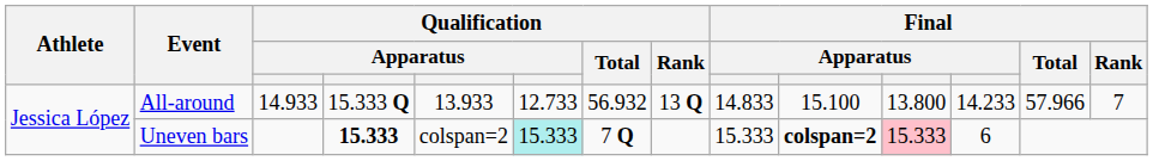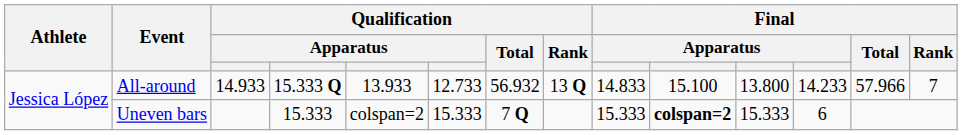 <table class="wikitable" style="font-size:90%">
 <tr>
 <th rowspan=3>Athlete</th>
 <th rowspan=3>Event</th>
 <th colspan=6>Qualification</th>
 <th colspan=6>Final</th>
 </tr>
 <tr style="font-size:95%">
 <th colspan=4>Apparatus</th>
 <th rowspan=2>Total</th>
 <th rowspan=2>Rank</th>
 <th colspan=4>Apparatus</th>
 <th rowspan=2>Total</th>
 <th rowspan=2>Rank</th>
 </tr>
 <tr style="font-size:95%">
 <th></th>
 <th></th>
 <th></th>
 <th></th>
 <th></th>
 <th></th>
 <th></th>
 <th></th>
 </tr>
 <tr align=center>
 <td align=left rowspan=2><a href='#'>Jessica López</a></td>
 <td align=left><a href='#'>All-around</a></td>
 <td>14.933</td>
 <td>15.333 <strong>Q</strong></td>
 <td>13.933</td>
 <td>12.733</td>
 <td>56.932</td>
 <td>13 <strong>Q</strong></td>
 <td>14.833</td>
 <td>15.100</td>
 <td>13.800</td>
 <td>14.233</td>
 <td>57.966</td>
 <td>7</td>
 </tr>
 <tr align=center>
 <td align=left><a href='#'>Uneven bars</a></td>
 <td></td>
-<td><strong>15.333</strong></td>
+<td>15.333</td>
 <td>colspan=2 </td>
-<td style="background: paleturquoise;">15.333</td>
+<td>15.333</td>
 <td>7 <strong>Q</strong></td>
 <td></td>
 <td>15.333</td>
 <td><strong>colspan=2 </strong></td>
-<td style="background: pink;">15.333</td>
+<td>15.333</td>
 <td>6</td>
 </tr>
 </table>
